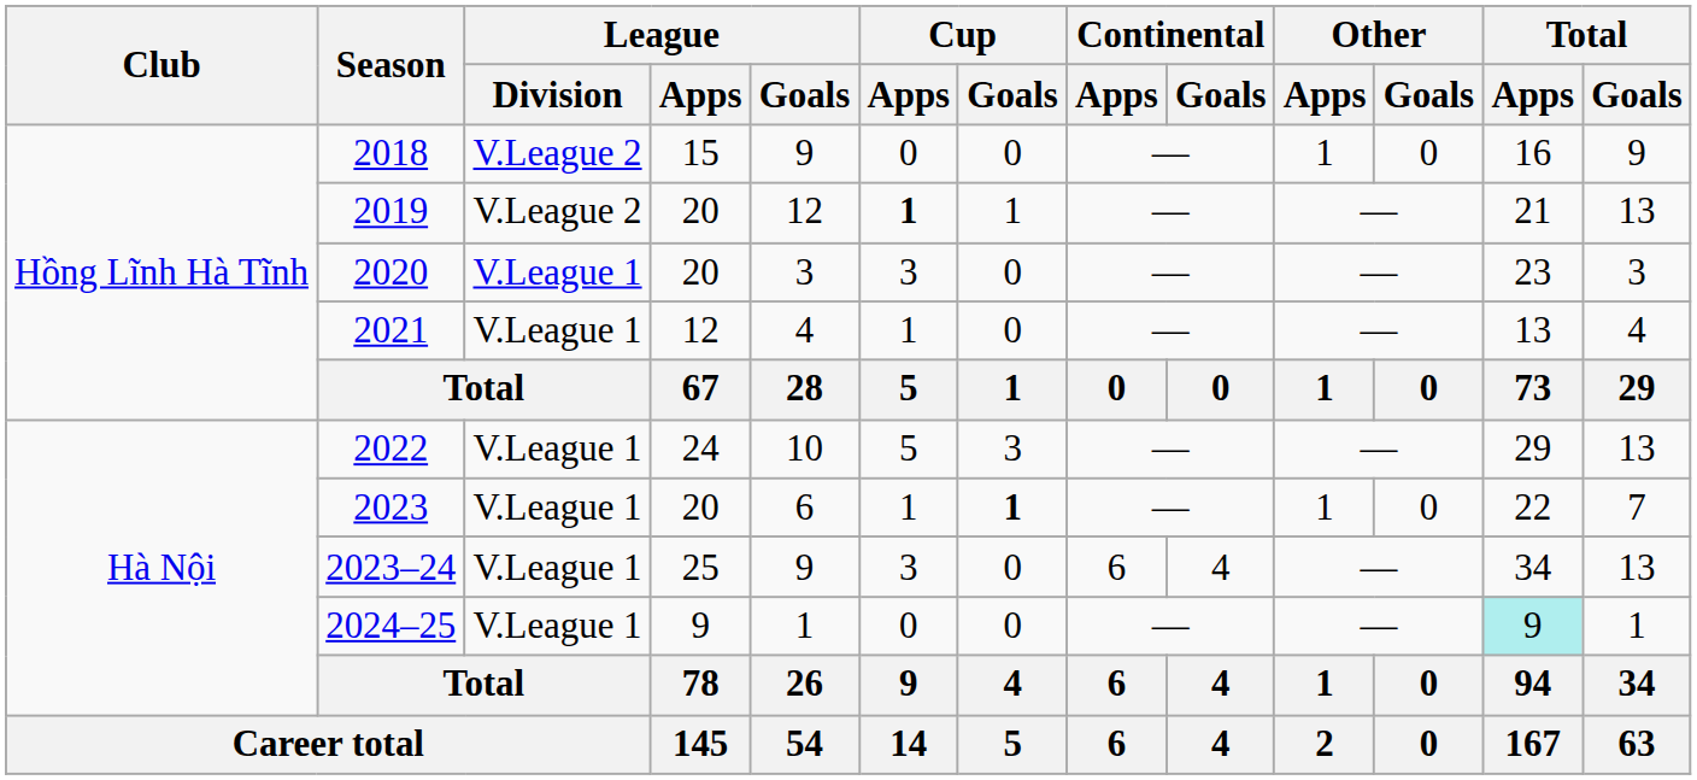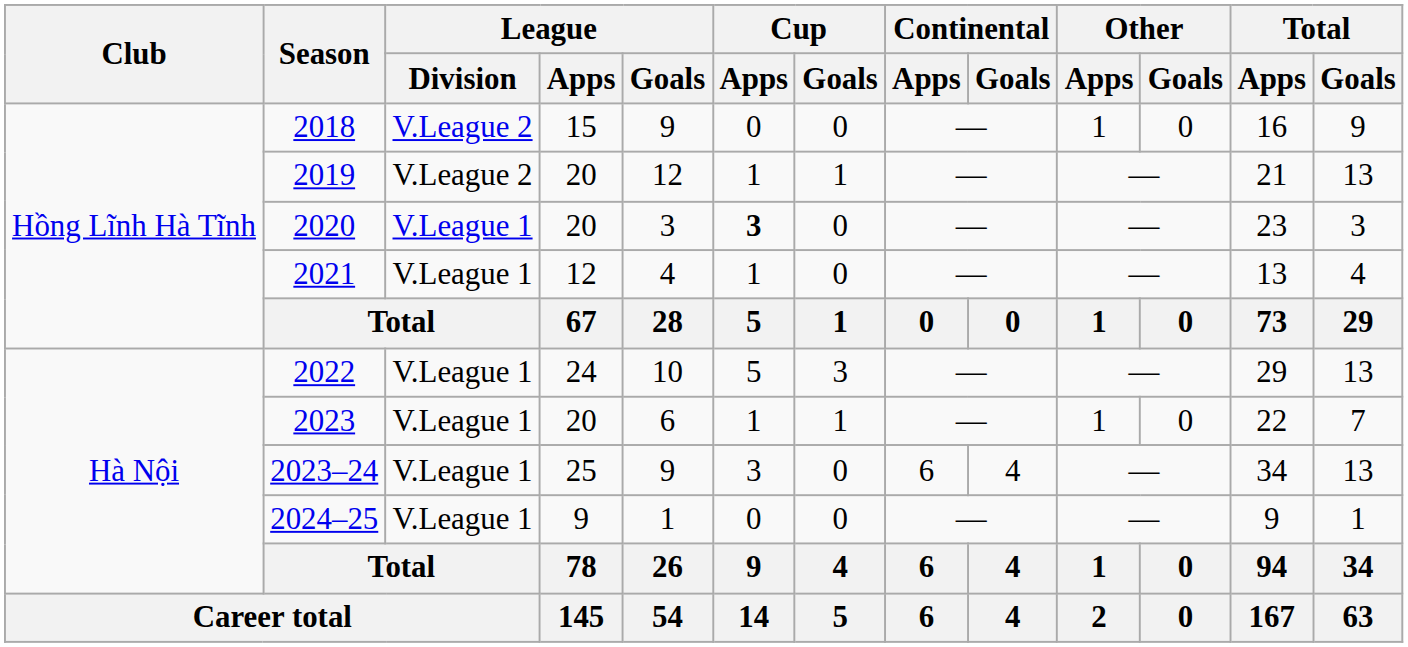 <table class="wikitable" style="text-align: center">
 <tr>
 <th rowspan=2>Club</th>
 <th rowspan=2>Season</th>
 <th colspan=3>League</th>
 <th colspan=2>Cup</th>
 <th colspan=2>Continental</th>
 <th colspan=2>Other</th>
 <th colspan=2>Total</th>
 </tr>
 <tr>
 <th>Division</th>
 <th>Apps</th>
 <th>Goals</th>
 <th>Apps</th>
 <th>Goals</th>
 <th>Apps</th>
 <th>Goals</th>
 <th>Apps</th>
 <th>Goals</th>
 <th>Apps</th>
 <th>Goals</th>
 </tr>
 <tr>
 <td rowspan=5><a href='#'>Hồng Lĩnh Hà Tĩnh</a></td>
 <td><a href='#'>2018</a></td>
 <td><a href='#'>V.League 2</a></td>
 <td>15</td>
 <td>9</td>
 <td>0</td>
 <td>0</td>
 <td colspan=2>—</td>
 <td>1</td>
 <td>0</td>
 <td>16</td>
 <td>9</td>
 </tr>
 <tr>
 <td><a href='#'>2019</a></td>
 <td>V.League 2</td>
 <td>20</td>
 <td>12</td>
-<td><strong>1</strong></td>
+<td>1</td>
 <td>1</td>
 <td colspan=2>—</td>
 <td colspan=2>—</td>
 <td>21</td>
 <td>13</td>
 </tr>
 <tr>
 <td><a href='#'>2020</a></td>
 <td><a href='#'>V.League 1</a></td>
 <td>20</td>
 <td>3</td>
-<td>3</td>
+<td><strong>3</strong></td>
 <td>0</td>
 <td colspan=2>—</td>
 <td colspan=2>—</td>
 <td>23</td>
 <td>3</td>
 </tr>
 <tr>
 <td><a href='#'>2021</a></td>
 <td>V.League 1</td>
 <td>12</td>
 <td>4</td>
 <td>1</td>
 <td>0</td>
 <td colspan=2>—</td>
 <td colspan=2>—</td>
 <td>13</td>
 <td>4</td>
 </tr>
 <tr>
 <th colspan=2>Total</th>
 <th>67</th>
 <th>28</th>
 <th>5</th>
 <th>1</th>
 <th>0</th>
 <th>0</th>
 <th>1</th>
 <th>0</th>
 <th>73</th>
 <th>29</th>
 </tr>
 <tr>
 <td rowspan=5><a href='#'>Hà Nội</a></td>
 <td><a href='#'>2022</a></td>
 <td>V.League 1</td>
 <td>24</td>
 <td>10</td>
 <td>5</td>
 <td>3</td>
 <td colspan=2>—</td>
 <td colspan=2>—</td>
 <td>29</td>
 <td>13</td>
 </tr>
 <tr>
 <td><a href='#'>2023</a></td>
 <td>V.League 1</td>
 <td>20</td>
 <td>6</td>
 <td>1</td>
-<td><strong>1</strong></td>
+<td>1</td>
 <td colspan=2>—</td>
 <td>1</td>
 <td>0</td>
 <td>22</td>
 <td>7</td>
 </tr>
 <tr>
 <td><a href='#'>2023–24</a></td>
 <td>V.League 1</td>
 <td>25</td>
 <td>9</td>
 <td>3</td>
 <td>0</td>
 <td>6</td>
 <td>4</td>
 <td colspan=2>—</td>
 <td>34</td>
 <td>13</td>
 </tr>
 <tr>
 <td><a href='#'>2024–25</a></td>
 <td>V.League 1</td>
 <td>9</td>
 <td>1</td>
 <td>0</td>
 <td>0</td>
 <td colspan=2>—</td>
 <td colspan=2>—</td>
-<td style="background: paleturquoise;">9</td>
+<td>9</td>
 <td>1</td>
 </tr>
 <tr>
 <th colspan=2>Total</th>
 <th>78</th>
 <th>26</th>
 <th>9</th>
 <th>4</th>
 <th>6</th>
 <th>4</th>
 <th>1</th>
 <th>0</th>
 <th>94</th>
 <th>34</th>
 </tr>
 <tr>
 <th colspan=3>Career total</th>
 <th>145</th>
 <th>54</th>
 <th>14</th>
 <th>5</th>
 <th>6</th>
 <th>4</th>
 <th>2</th>
 <th>0</th>
 <th>167</th>
 <th>63</th>
 </tr>
 </table>
